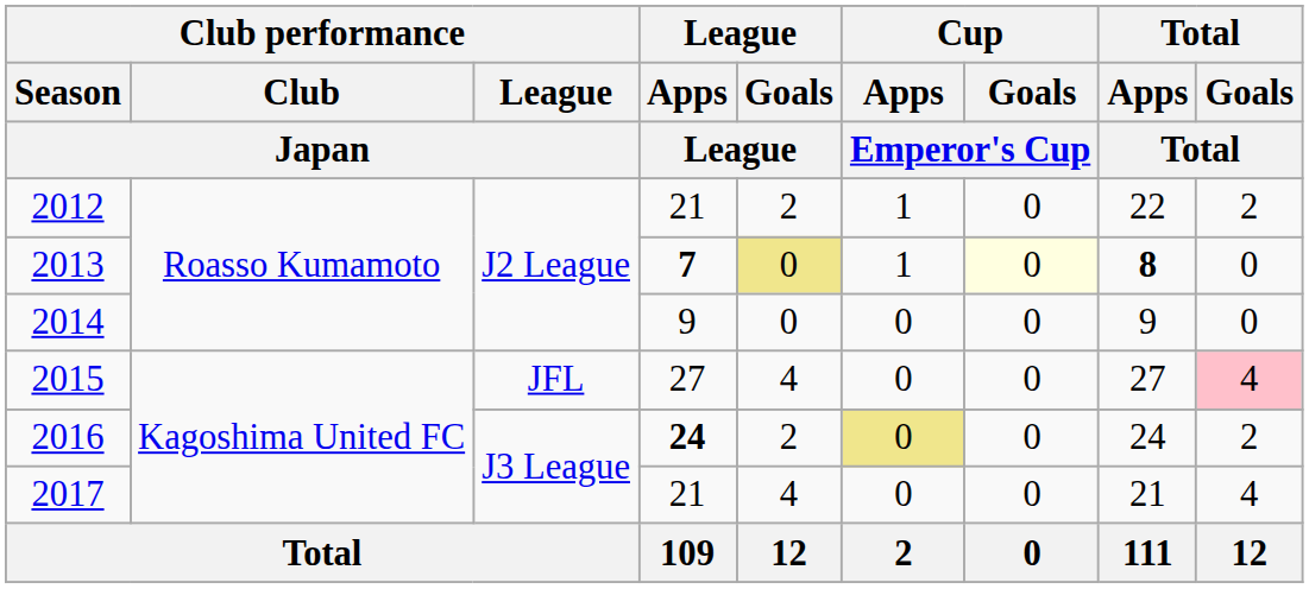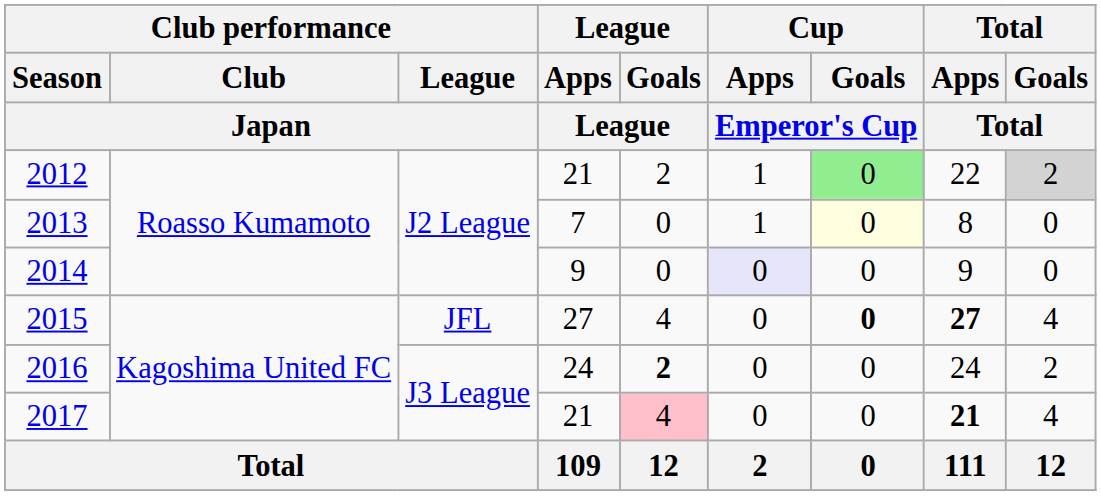 <table class="wikitable" style="text-align:center;">
 <tr>
 <th colspan=3>Club performance</th>
 <th colspan=2>League</th>
 <th colspan=2>Cup</th>
 <th colspan=2>Total</th>
 </tr>
 <tr>
 <th>Season</th>
 <th>Club</th>
 <th>League</th>
 <th>Apps</th>
 <th>Goals</th>
 <th>Apps</th>
 <th>Goals</th>
 <th>Apps</th>
 <th>Goals</th>
 </tr>
 <tr>
 <th colspan=3>Japan</th>
 <th colspan=2>League</th>
 <th colspan=2><a href='#'>Emperor's Cup</a></th>
 <th colspan=2>Total</th>
 </tr>
 <tr>
 <td><a href='#'>2012</a></td>
 <td rowspan="3"><a href='#'>Roasso Kumamoto</a></td>
 <td rowspan=3><a href='#'>J2 League</a></td>
 <td>21</td>
 <td>2</td>
 <td>1</td>
-<td>0</td>
+<td style="background: lightgreen;">0</td>
 <td>22</td>
-<td>2</td>
+<td style="background: lightgrey;">2</td>
 </tr>
 <tr>
 <td><a href='#'>2013</a></td>
-<td><strong>7</strong></td>
-<td style="background: khaki;">0</td>
+<td>7</td>
+<td>0</td>
 <td>1</td>
 <td style="background: lightyellow;">0</td>
-<td><strong>8</strong></td>
+<td>8</td>
 <td>0</td>
 </tr>
 <tr>
 <td><a href='#'>2014</a></td>
 <td>9</td>
 <td>0</td>
-<td>0</td>
+<td style="background: lavender;">0</td>
 <td>0</td>
 <td>9</td>
 <td>0</td>
 </tr>
 <tr>
 <td><a href='#'>2015</a></td>
 <td rowspan="3"><a href='#'>Kagoshima United FC</a></td>
 <td><a href='#'>JFL</a></td>
 <td>27</td>
 <td>4</td>
 <td>0</td>
-<td>0</td>
-<td>27</td>
-<td style="background: pink;">4</td>
+<td><strong>0</strong></td>
+<td><strong>27</strong></td>
+<td>4</td>
 </tr>
 <tr>
 <td><a href='#'>2016</a></td>
 <td rowspan="2"><a href='#'>J3 League</a></td>
-<td><strong>24</strong></td>
-<td>2</td>
-<td style="background: khaki;">0</td>
+<td>24</td>
+<td><strong>2</strong></td>
+<td>0</td>
 <td>0</td>
 <td>24</td>
 <td>2</td>
 </tr>
 <tr>
 <td><a href='#'>2017</a></td>
 <td>21</td>
-<td>4</td>
+<td style="background: pink;">4</td>
 <td>0</td>
 <td>0</td>
-<td>21</td>
+<td><strong>21</strong></td>
 <td>4</td>
 </tr>
 <tr>
 <th colspan=3>Total</th>
 <th>109</th>
 <th>12</th>
 <th>2</th>
 <th>0</th>
 <th>111</th>
 <th>12</th>
 </tr>
 </table>
